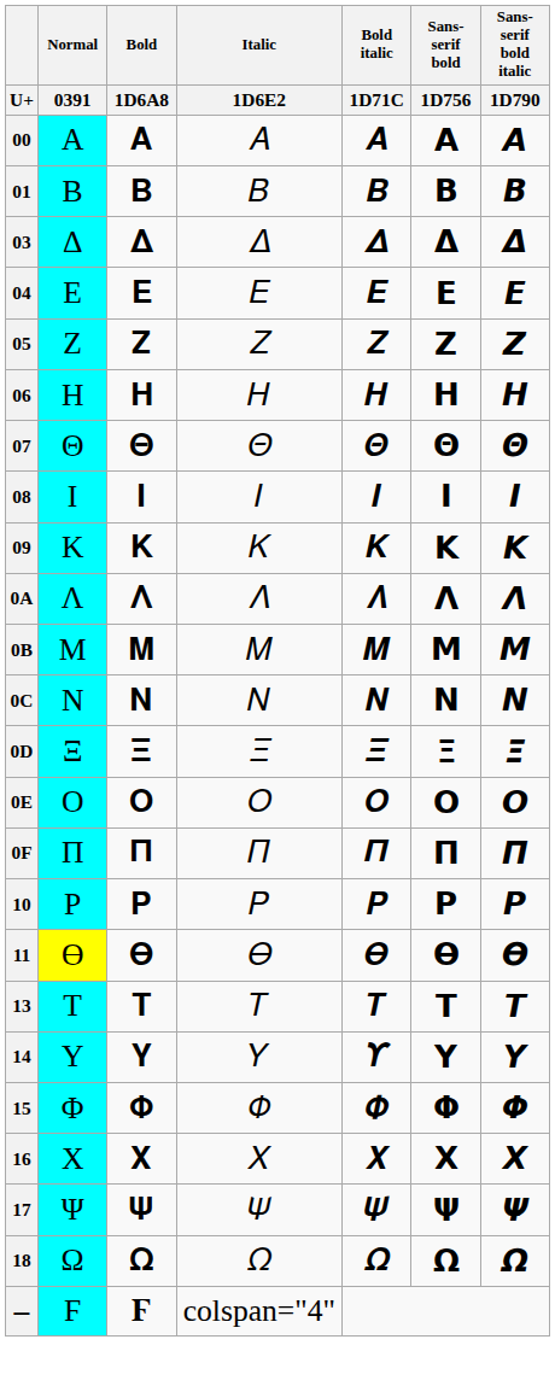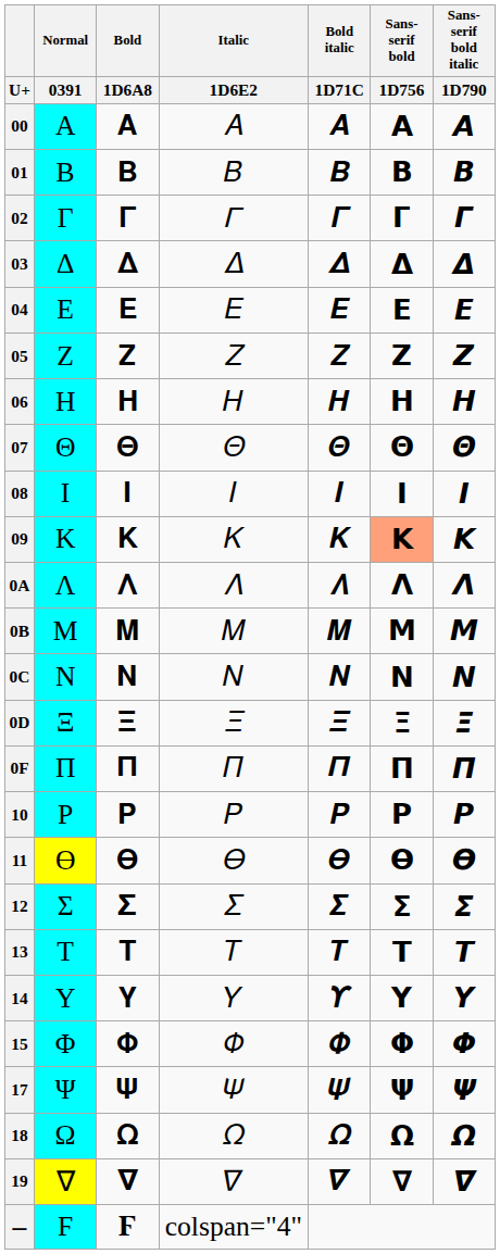 <table class="wikitable" style="text-align: center; font-size: 160%;">
 <tr style="font-size: 50%">
 <th></th>
 <th style="width:4em">Normal</th>
 <th style="width:4em">Bold</th>
 <th style="width:4em">Italic</th>
 <th style="width:4em">Bold<br>italic</th>
 <th style="width:4em">Sans-<br>serif<br>bold</th>
 <th style="width:4em">Sans-<br>serif<br>bold<br>italic</th>
 </tr>
 <tr style="font-size: 60%">
 <th>U+</th>
 <th>0391</th>
 <th>1D6A8</th>
 <th>1D6E2</th>
 <th>1D71C</th>
 <th>1D756</th>
 <th>1D790</th>
 </tr>
 <tr>
 <th style="font-size:60%;">00</th>
 <td style="font-family:serif; background:aqua" title="U+0391: GREEK CAPITAL LETTER ALPHA">Α</td>
 <td title="U+1D6A8: MATHEMATICAL BOLD CAPITAL ALPHA">𝚨</td>
 <td title="U+1D6E2: MATHEMATICAL ITALIC CAPITAL ALPHA">𝛢</td>
 <td title="U+1D71C: MATHEMATICAL BOLD ITALIC CAPITAL ALPHA">𝜜</td>
 <td title="U+1D756: MATHEMATICAL SANS-SERIF BOLD CAPITAL ALPHA">𝝖</td>
 <td title="U+1D790: MATHEMATICAL SANS-SERIF BOLD ITALIC CAPITAL ALPHA">𝞐</td>
 </tr>
 <tr>
 <th style="font-size:60%;">01</th>
 <td style="font-family:serif; background:aqua" title="U+0392: GREEK CAPITAL LETTER BETA">Β</td>
 <td title="U+1D6A9: MATHEMATICAL BOLD CAPITAL BETA">𝚩</td>
 <td title="U+1D6E3: MATHEMATICAL ITALIC CAPITAL BETA">𝛣</td>
 <td title="U+1D71D: MATHEMATICAL BOLD ITALIC CAPITAL BETA">𝜝</td>
 <td title="U+1D757: MATHEMATICAL SANS-SERIF BOLD CAPITAL BETA">𝝗</td>
 <td title="U+1D791: MATHEMATICAL SANS-SERIF BOLD ITALIC CAPITAL BETA">𝞑</td>
+</tr>
+<tr>
+<th style="font-size:60%;">02</th>
+<td style="font-family:serif; background:aqua" title="U+0393: GREEK CAPITAL LETTER GAMMA">Γ</td>
+<td title="U+1D6AA: MATHEMATICAL BOLD CAPITAL GAMMA">𝚪</td>
+<td title="U+1D6E4: MATHEMATICAL ITALIC CAPITAL GAMMA">𝛤</td>
+<td title="U+1D71E: MATHEMATICAL BOLD ITALIC CAPITAL GAMMA">𝜞</td>
+<td title="U+1D758: MATHEMATICAL SANS-SERIF BOLD CAPITAL GAMMA">𝝘</td>
+<td title="U+1D792: MATHEMATICAL SANS-SERIF BOLD ITALIC CAPITAL GAMMA">𝞒</td>
 </tr>
 <tr>
 <th style="font-size:60%;">03</th>
 <td style="font-family:serif; background:aqua" title="U+0394: GREEK CAPITAL LETTER DELTA">Δ</td>
 <td title="U+1D6AB: MATHEMATICAL BOLD CAPITAL DELTA">𝚫</td>
 <td title="U+1D6E5: MATHEMATICAL ITALIC CAPITAL DELTA">𝛥</td>
 <td title="U+1D71F: MATHEMATICAL BOLD ITALIC CAPITAL DELTA">𝜟</td>
 <td title="U+1D759: MATHEMATICAL SANS-SERIF BOLD CAPITAL DELTA">𝝙</td>
 <td title="U+1D793: MATHEMATICAL SANS-SERIF BOLD ITALIC CAPITAL DELTA">𝞓</td>
 </tr>
 <tr>
 <th style="font-size:60%;">04</th>
 <td style="font-family:serif; background:aqua" title="U+0395: GREEK CAPITAL LETTER EPSILON">Ε</td>
 <td title="U+1D6AC: MATHEMATICAL BOLD CAPITAL EPSILON">𝚬</td>
 <td title="U+1D6E6: MATHEMATICAL ITALIC CAPITAL EPSILON">𝛦</td>
 <td title="U+1D720: MATHEMATICAL BOLD ITALIC CAPITAL EPSILON">𝜠</td>
 <td title="U+1D75A: MATHEMATICAL SANS-SERIF BOLD CAPITAL EPSILON">𝝚</td>
 <td title="U+1D794: MATHEMATICAL SANS-SERIF BOLD ITALIC CAPITAL EPSILON">𝞔</td>
 </tr>
 <tr>
 <th style="font-size:60%;">05</th>
 <td style="font-family:serif; background:aqua" title="U+0396: GREEK CAPITAL LETTER ZETA">Ζ</td>
 <td title="U+1D6AD: MATHEMATICAL BOLD CAPITAL ZETA">𝚭</td>
 <td title="U+1D6E7: MATHEMATICAL ITALIC CAPITAL ZETA">𝛧</td>
 <td title="U+1D721: MATHEMATICAL BOLD ITALIC CAPITAL ZETA">𝜡</td>
 <td title="U+1D75B: MATHEMATICAL SANS-SERIF BOLD CAPITAL ZETA">𝝛</td>
 <td title="U+1D795: MATHEMATICAL SANS-SERIF BOLD ITALIC CAPITAL ZETA">𝞕</td>
 </tr>
 <tr>
 <th style="font-size:60%;">06</th>
 <td style="font-family:serif; background:aqua" title="U+0397: GREEK CAPITAL LETTER ETA">Η</td>
 <td title="U+1D6AE: MATHEMATICAL BOLD CAPITAL ETA">𝚮</td>
 <td title="U+1D6E8: MATHEMATICAL ITALIC CAPITAL ETA">𝛨</td>
 <td title="U+1D722: MATHEMATICAL BOLD ITALIC CAPITAL ETA">𝜢</td>
 <td title="U+1D75C: MATHEMATICAL SANS-SERIF BOLD CAPITAL ETA">𝝜</td>
 <td title="U+1D796: MATHEMATICAL SANS-SERIF BOLD ITALIC CAPITAL ETA">𝞖</td>
 </tr>
 <tr>
 <th style="font-size:60%;">07</th>
 <td style="font-family:serif; background:aqua" title="U+0398: GREEK CAPITAL LETTER THETA">Θ</td>
 <td title="U+1D6AF: MATHEMATICAL BOLD CAPITAL THETA">𝚯</td>
 <td title="U+1D6E9: MATHEMATICAL ITALIC CAPITAL THETA">𝛩</td>
 <td title="U+1D723: MATHEMATICAL BOLD ITALIC CAPITAL THETA">𝜣</td>
 <td title="U+1D75D: MATHEMATICAL SANS-SERIF BOLD CAPITAL THETA">𝝝</td>
 <td title="U+1D797: MATHEMATICAL SANS-SERIF BOLD ITALIC CAPITAL THETA">𝞗</td>
 </tr>
 <tr>
 <th style="font-size:60%;">08</th>
 <td style="font-family:serif; background:aqua" title="U+0399: GREEK CAPITAL LETTER IOTA">Ι</td>
 <td title="U+1D6B0: MATHEMATICAL BOLD CAPITAL IOTA">𝚰</td>
 <td title="U+1D6EA: MATHEMATICAL ITALIC CAPITAL IOTA">𝛪</td>
 <td title="U+1D724: MATHEMATICAL BOLD ITALIC CAPITAL IOTA">𝜤</td>
 <td title="U+1D75E: MATHEMATICAL SANS-SERIF BOLD CAPITAL IOTA">𝝞</td>
 <td title="U+1D798: MATHEMATICAL SANS-SERIF BOLD ITALIC CAPITAL IOTA">𝞘</td>
 </tr>
 <tr>
 <th style="font-size:60%;">09</th>
 <td style="font-family:serif; background:aqua" title="U+039A: GREEK CAPITAL LETTER KAPPA">Κ</td>
 <td title="U+1D6B1: MATHEMATICAL BOLD CAPITAL KAPPA">𝚱</td>
 <td title="U+1D6EB: MATHEMATICAL ITALIC CAPITAL KAPPA">𝛫</td>
 <td title="U+1D725: MATHEMATICAL BOLD ITALIC CAPITAL KAPPA">𝜥</td>
-<td title="U+1D75F: MATHEMATICAL SANS-SERIF BOLD CAPITAL KAPPA">𝝟</td>
+<td title="U+1D75F: MATHEMATICAL SANS-SERIF BOLD CAPITAL KAPPA" style="background: lightsalmon;">𝝟</td>
 <td title="U+1D799: MATHEMATICAL SANS-SERIF BOLD ITALIC CAPITAL KAPPA">𝞙</td>
 </tr>
 <tr>
 <th style="font-size:60%;">0A</th>
 <td style="font-family:serif; background:aqua" title="U+039B: GREEK CAPITAL LETTER LAMDA">Λ</td>
 <td title="U+1D6B2: MATHEMATICAL BOLD CAPITAL LAMDA">𝚲</td>
 <td title="U+1D6EC: MATHEMATICAL ITALIC CAPITAL LAMDA">𝛬</td>
 <td title="U+1D726: MATHEMATICAL BOLD ITALIC CAPITAL LAMDA">𝜦</td>
 <td title="U+1D760: MATHEMATICAL SANS-SERIF BOLD CAPITAL LAMDA">𝝠</td>
 <td title="U+1D79A: MATHEMATICAL SANS-SERIF BOLD ITALIC CAPITAL LAMDA">𝞚</td>
 </tr>
 <tr>
 <th style="font-size:60%;">0B</th>
 <td style="font-family:serif; background:aqua" title="U+039C: GREEK CAPITAL LETTER MU">Μ</td>
 <td title="U+1D6B3: MATHEMATICAL BOLD CAPITAL MU">𝚳</td>
 <td title="U+1D6ED: MATHEMATICAL ITALIC CAPITAL MU">𝛭</td>
 <td title="U+1D727: MATHEMATICAL BOLD ITALIC CAPITAL MU">𝜧</td>
 <td title="U+1D761: MATHEMATICAL SANS-SERIF BOLD CAPITAL MU">𝝡</td>
 <td title="U+1D79B: MATHEMATICAL SANS-SERIF BOLD ITALIC CAPITAL MU">𝞛</td>
 </tr>
 <tr>
 <th style="font-size:60%;">0C</th>
 <td style="font-family:serif; background:aqua" title="U+039D: GREEK CAPITAL LETTER NU">Ν</td>
 <td title="U+1D6B4: MATHEMATICAL BOLD CAPITAL NU">𝚴</td>
 <td title="U+1D6EE: MATHEMATICAL ITALIC CAPITAL NU">𝛮</td>
 <td title="U+1D728: MATHEMATICAL BOLD ITALIC CAPITAL NU">𝜨</td>
 <td title="U+1D762: MATHEMATICAL SANS-SERIF BOLD CAPITAL NU">𝝢</td>
 <td title="U+1D79C: MATHEMATICAL SANS-SERIF BOLD ITALIC CAPITAL NU">𝞜</td>
 </tr>
 <tr>
 <th style="font-size:60%;">0D</th>
 <td style="font-family:serif; background:aqua" title="U+039E: GREEK CAPITAL LETTER XI">Ξ</td>
 <td title="U+1D6B5: MATHEMATICAL BOLD CAPITAL XI">𝚵</td>
 <td title="U+1D6EF: MATHEMATICAL ITALIC CAPITAL XI">𝛯</td>
 <td title="U+1D729: MATHEMATICAL BOLD ITALIC CAPITAL XI">𝜩</td>
 <td title="U+1D763: MATHEMATICAL SANS-SERIF BOLD CAPITAL XI">𝝣</td>
 <td title="U+1D79D: MATHEMATICAL SANS-SERIF BOLD ITALIC CAPITAL XI">𝞝</td>
 </tr>
 <tr>
-<th style="font-size:60%;">0E</th>
-<td style="font-family:serif; background:aqua" title="U+039F: GREEK CAPITAL LETTER OMICRON">Ο</td>
-<td title="U+1D6B6: MATHEMATICAL BOLD CAPITAL OMICRON">𝚶</td>
-<td title="U+1D6F0: MATHEMATICAL ITALIC CAPITAL OMICRON">𝛰</td>
-<td title="U+1D72A: MATHEMATICAL BOLD ITALIC CAPITAL OMICRON">𝜪</td>
-<td title="U+1D764: MATHEMATICAL SANS-SERIF BOLD CAPITAL OMICRON">𝝤</td>
-<td title="U+1D79E: MATHEMATICAL SANS-SERIF BOLD ITALIC CAPITAL OMICRON">𝞞</td>
-</tr>
-<tr>
 <th style="font-size:60%;">0F</th>
 <td style="font-family:serif; background:aqua" title="U+03A0: GREEK CAPITAL LETTER PI">Π</td>
 <td title="U+1D6B7: MATHEMATICAL BOLD CAPITAL PI">𝚷</td>
 <td title="U+1D6F1: MATHEMATICAL ITALIC CAPITAL PI">𝛱</td>
 <td title="U+1D72B: MATHEMATICAL BOLD ITALIC CAPITAL PI">𝜫</td>
 <td title="U+1D765: MATHEMATICAL SANS-SERIF BOLD CAPITAL PI">𝝥</td>
 <td title="U+1D79F: MATHEMATICAL SANS-SERIF BOLD ITALIC CAPITAL PI">𝞟</td>
 </tr>
 <tr>
 <th style="font-size:60%;">10</th>
 <td style="font-family:serif; background:aqua" title="U+03A1: GREEK CAPITAL LETTER RHO">Ρ</td>
 <td title="U+1D6B8: MATHEMATICAL BOLD CAPITAL RHO">𝚸</td>
 <td title="U+1D6F2: MATHEMATICAL ITALIC CAPITAL RHO">𝛲</td>
 <td title="U+1D72C: MATHEMATICAL BOLD ITALIC CAPITAL RHO">𝜬</td>
 <td title="U+1D766: MATHEMATICAL SANS-SERIF BOLD CAPITAL RHO">𝝦</td>
 <td title="U+1D7A0: MATHEMATICAL SANS-SERIF BOLD ITALIC CAPITAL RHO">𝞠</td>
 </tr>
 <tr>
 <th style="font-size:60%;">11</th>
 <td style="font-family:serif; background:yellow" title="U+03F4: GREEK CAPITAL THETA SYMBOL">ϴ</td>
 <td title="U+1D6B9: MATHEMATICAL BOLD CAPITAL THETA SYMBOL">𝚹</td>
 <td title="U+1D6F3: MATHEMATICAL ITALIC CAPITAL THETA SYMBOL">𝛳</td>
 <td title="U+1D72D: MATHEMATICAL BOLD ITALIC CAPITAL THETA SYMBOL">𝜭</td>
 <td title="U+1D767: MATHEMATICAL SANS-SERIF BOLD CAPITAL THETA SYMBOL">𝝧</td>
 <td title="U+1D7A1: MATHEMATICAL SANS-SERIF BOLD ITALIC CAPITAL THETA SYMBOL">𝞡</td>
+</tr>
+<tr>
+<th style="font-size:60%;">12</th>
+<td style="font-family:serif; background:aqua" title="U+03A3: GREEK CAPITAL LETTER SIGMA">Σ</td>
+<td title="U+1D6BA: MATHEMATICAL BOLD CAPITAL SIGMA">𝚺</td>
+<td title="U+1D6F4: MATHEMATICAL ITALIC CAPITAL SIGMA">𝛴</td>
+<td title="U+1D72E: MATHEMATICAL BOLD ITALIC CAPITAL SIGMA">𝜮</td>
+<td title="U+1D768: MATHEMATICAL SANS-SERIF BOLD CAPITAL SIGMA">𝝨</td>
+<td title="U+1D7A2: MATHEMATICAL SANS-SERIF BOLD ITALIC CAPITAL SIGMA">𝞢</td>
 </tr>
 <tr>
 <th style="font-size:60%;">13</th>
 <td style="font-family:serif; background:aqua" title="U+03A4: GREEK CAPITAL LETTER TAU">Τ</td>
 <td title="U+1D6BB: MATHEMATICAL BOLD CAPITAL TAU">𝚻</td>
 <td title="U+1D6F5: MATHEMATICAL ITALIC CAPITAL TAU">𝛵</td>
 <td title="U+1D72F: MATHEMATICAL BOLD ITALIC CAPITAL TAU">𝜯</td>
 <td title="U+1D769: MATHEMATICAL SANS-SERIF BOLD CAPITAL TAU">𝝩</td>
 <td title="U+1D7A3: MATHEMATICAL SANS-SERIF BOLD ITALIC CAPITAL TAU">𝞣</td>
 </tr>
 <tr>
 <th style="font-size:60%;">14</th>
 <td style="font-family:serif; background:aqua" title="U+03A5: GREEK CAPITAL LETTER UPSILON">Υ</td>
 <td title="U+1D6BC: MATHEMATICAL BOLD CAPITAL UPSILON">𝚼</td>
 <td title="U+1D6F6: MATHEMATICAL ITALIC CAPITAL UPSILON">𝛶</td>
 <td title="U+1D730: MATHEMATICAL BOLD ITALIC CAPITAL UPSILON">𝜰</td>
 <td title="U+1D76A: MATHEMATICAL SANS-SERIF BOLD CAPITAL UPSILON">𝝪</td>
 <td title="U+1D7A4: MATHEMATICAL SANS-SERIF BOLD ITALIC CAPITAL UPSILON">𝞤</td>
 </tr>
 <tr>
 <th style="font-size:60%;">15</th>
 <td style="font-family:serif; background:aqua" title="U+03A6: GREEK CAPITAL LETTER PHI">Φ</td>
 <td title="U+1D6BD: MATHEMATICAL BOLD CAPITAL PHI">𝚽</td>
 <td title="U+1D6F7: MATHEMATICAL ITALIC CAPITAL PHI">𝛷</td>
 <td title="U+1D731: MATHEMATICAL BOLD ITALIC CAPITAL PHI">𝜱</td>
 <td title="U+1D76B: MATHEMATICAL SANS-SERIF BOLD CAPITAL PHI">𝝫</td>
 <td title="U+1D7A5: MATHEMATICAL SANS-SERIF BOLD ITALIC CAPITAL PHI">𝞥</td>
 </tr>
 <tr>
-<th style="font-size:60%;">16</th>
-<td style="font-family:serif; background:aqua" title="U+03A7: GREEK CAPITAL LETTER CHI">Χ</td>
-<td title="U+1D6BE: MATHEMATICAL BOLD CAPITAL CHI">𝚾</td>
-<td title="U+1D6F8: MATHEMATICAL ITALIC CAPITAL CHI">𝛸</td>
-<td title="U+1D732: MATHEMATICAL BOLD ITALIC CAPITAL CHI">𝜲</td>
-<td title="U+1D76C: MATHEMATICAL SANS-SERIF BOLD CAPITAL CHI">𝝬</td>
-<td title="U+1D7A6: MATHEMATICAL SANS-SERIF BOLD ITALIC CAPITAL CHI">𝞦</td>
-</tr>
-<tr>
 <th style="font-size:60%;">17</th>
 <td style="font-family:serif; background:aqua" title="U+03A8: GREEK CAPITAL LETTER PSI">Ψ</td>
 <td title="U+1D6BF: MATHEMATICAL BOLD CAPITAL PSI">𝚿</td>
 <td title="U+1D6F9: MATHEMATICAL ITALIC CAPITAL PSI">𝛹</td>
 <td title="U+1D733: MATHEMATICAL BOLD ITALIC CAPITAL PSI">𝜳</td>
 <td title="U+1D76D: MATHEMATICAL SANS-SERIF BOLD CAPITAL PSI">𝝭</td>
 <td title="U+1D7A7: MATHEMATICAL SANS-SERIF BOLD ITALIC CAPITAL PSI">𝞧</td>
 </tr>
 <tr>
 <th style="font-size:60%;">18</th>
 <td style="font-family:serif; background:aqua" title="U+03A9: GREEK CAPITAL LETTER OMEGA">Ω</td>
 <td title="U+1D6C0: MATHEMATICAL BOLD CAPITAL OMEGA">𝛀</td>
 <td title="U+1D6FA: MATHEMATICAL ITALIC CAPITAL OMEGA">𝛺</td>
 <td title="U+1D734: MATHEMATICAL BOLD ITALIC CAPITAL OMEGA">𝜴</td>
 <td title="U+1D76E: MATHEMATICAL SANS-SERIF BOLD CAPITAL OMEGA">𝝮</td>
 <td title="U+1D7A8: MATHEMATICAL SANS-SERIF BOLD ITALIC CAPITAL OMEGA">𝞨</td>
 </tr>
 <tr>
+<th style="font-size:60%;">19</th>
+<td style="font-family:serif; background:yellow" title="U+2207: NABLA">∇</td>
+<td title="U+1D6C1: MATHEMATICAL BOLD NABLA">𝛁</td>
+<td title="U+1D6FB: MATHEMATICAL ITALIC NABLA">𝛻</td>
+<td title="U+1D735: MATHEMATICAL BOLD ITALIC NABLA">𝜵</td>
+<td title="U+1D76F: MATHEMATICAL SANS-SERIF BOLD NABLA">𝝯</td>
+<td title="U+1D7A9: MATHEMATICAL SANS-SERIF BOLD ITALIC NABLA">𝞩</td>
+</tr>
+<tr>
 <th>–</th>
 <td style="font-family:serif; background:aqua" title="U+03DC: GREEK LETTER DIGAMMA">Ϝ</td>
 <td title="U+1D7CA: MATHEMATICAL BOLD CAPITAL DIGAMMA">𝟊</td>
 <td>colspan="4" </td>
 </tr>
 </table>
